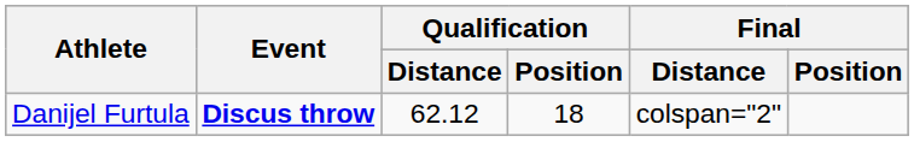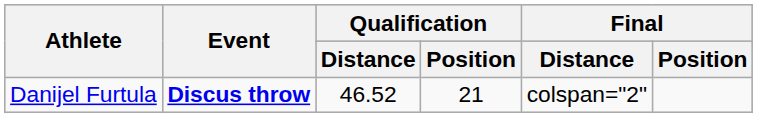 <table class="wikitable" style="font-size:90%">
 <tr>
 <th rowspan="2">Athlete</th>
 <th rowspan="2">Event</th>
 <th colspan="2">Qualification</th>
 <th colspan="2">Final</th>
 </tr>
 <tr>
 <th>Distance</th>
 <th>Position</th>
 <th>Distance</th>
 <th>Position</th>
 </tr>
 <tr style=text-align:center>
 <td style=text-align:left><a href='#'>Danijel Furtula</a></td>
 <td style=text-align:left><strong><a href='#'>Discus throw</a></strong></td>
-<td>62.12</td>
-<td>18</td>
+<td>46.52</td>
+<td>21</td>
 <td>colspan="2" </td>
 </tr>
 </table>
